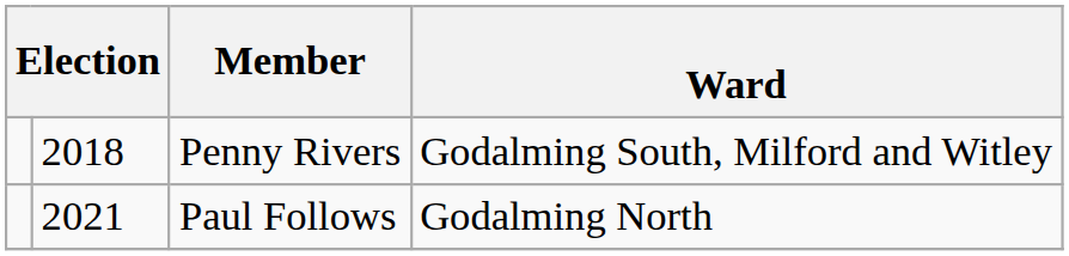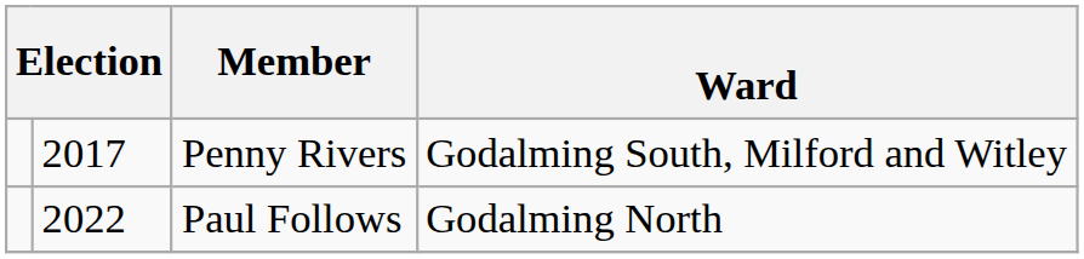 <table class="wikitable">
 <tr>
 <th colspan="2">Election</th>
 <th>Member</th>
 <th><br>Ward</th>
 </tr>
 <tr>
 <td style="background-color: "></td>
-<td>2018</td>
+<td>2017</td>
 <td>Penny Rivers</td>
 <td>Godalming South, Milford and Witley</td>
 </tr>
 <tr>
 <td style="background-color: "></td>
-<td>2021</td>
+<td>2022</td>
 <td>Paul Follows</td>
 <td>Godalming North</td>
 </tr>
 <tr>
 </tr>
 </table>
